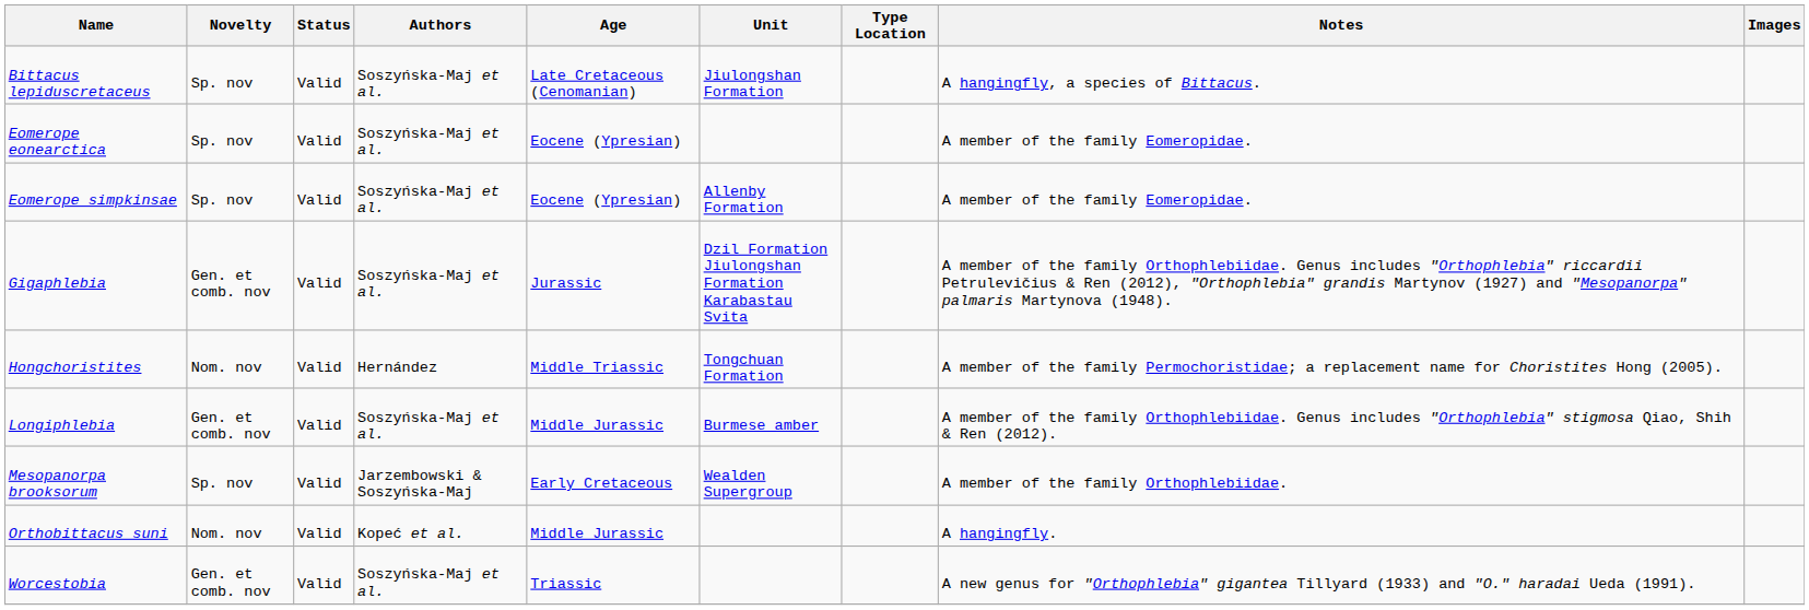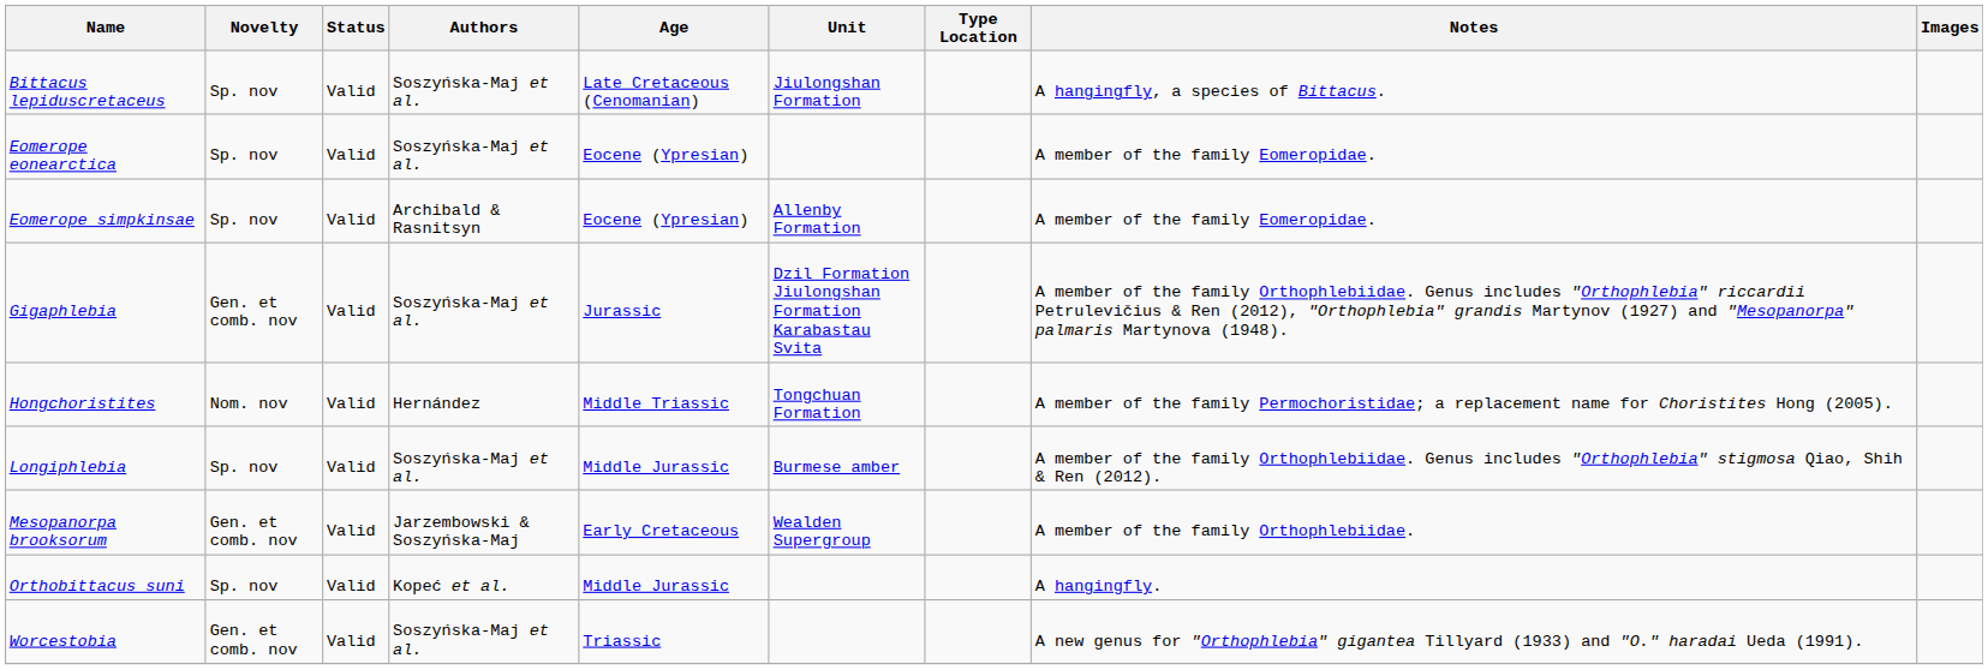 <table class="wikitable sortable" align="center" width="100%">
 <tr>
 <th>Name</th>
 <th>Novelty</th>
 <th>Status</th>
 <th>Authors</th>
 <th>Age</th>
 <th>Unit</th>
 <th>Type Location</th>
 <th>Notes</th>
 <th>Images</th>
 </tr>
 <tr>
 <td><br><em><a href='#'>Bittacus lepiduscretaceus</a></em></td>
 <td><br>Sp. nov</td>
 <td><br>Valid</td>
 <td><br>Soszyńska-Maj <em>et al.</em></td>
 <td><br><a href='#'>Late Cretaceous</a> (<a href='#'>Cenomanian</a>)</td>
 <td><br><a href='#'>Jiulongshan Formation</a></td>
 <td><br></td>
 <td><br>A <a href='#'>hangingfly</a>, a species of <em><a href='#'>Bittacus</a></em>.</td>
 <td></td>
 </tr>
 <tr>
 <td><br><em><a href='#'>Eomerope eonearctica</a></em></td>
 <td><br>Sp. nov</td>
 <td><br>Valid</td>
 <td><br>Soszyńska-Maj <em>et al.</em></td>
 <td><br><a href='#'>Eocene</a> (<a href='#'>Ypresian</a>)</td>
 <td></td>
 <td><br></td>
 <td><br>A member of the family <a href='#'>Eomeropidae</a>.</td>
 <td></td>
 </tr>
 <tr>
 <td><br><em><a href='#'>Eomerope simpkinsae</a></em></td>
 <td><br>Sp. nov</td>
 <td><br>Valid</td>
-<td><br>Soszyńska-Maj <em>et al.</em></td>
+<td><br>Archibald & Rasnitsyn</td>
 <td><br><a href='#'>Eocene</a> (<a href='#'>Ypresian</a>)</td>
 <td><br><a href='#'>Allenby Formation</a></td>
 <td><br></td>
 <td><br>A member of the family <a href='#'>Eomeropidae</a>.</td>
 <td></td>
 </tr>
 <tr>
 <td><br><em><a href='#'>Gigaphlebia</a></em></td>
 <td><br>Gen. et comb. nov</td>
 <td><br>Valid</td>
 <td><br>Soszyńska-Maj <em>et al.</em></td>
 <td><br><a href='#'>Jurassic</a></td>
 <td><br><a href='#'>Dzil Formation</a><br> <a href='#'>Jiulongshan Formation</a><br> <a href='#'>Karabastau Svita</a></td>
 <td><br><br> <br> </td>
 <td><br>A member of the family <a href='#'>Orthophlebiidae</a>. Genus includes <em>"<a href='#'>Orthophlebia</a>" riccardii</em> Petrulevičius & Ren (2012), <em>"Orthophlebia" grandis</em> Martynov (1927) and <em>"<a href='#'>Mesopanorpa</a>" palmaris</em> Martynova (1948).</td>
 <td></td>
 </tr>
 <tr>
 <td><br><em><a href='#'>Hongchoristites</a></em></td>
 <td><br>Nom. nov</td>
 <td><br>Valid</td>
 <td><br>Hernández</td>
 <td><br><a href='#'>Middle Triassic</a></td>
 <td><br><a href='#'>Tongchuan Formation</a></td>
 <td><br></td>
 <td><br>A member of the family <a href='#'>Permochoristidae</a>; a replacement name for <em>Choristites</em> Hong (2005).</td>
 <td></td>
 </tr>
 <tr>
 <td><br><em><a href='#'>Longiphlebia</a></em></td>
-<td><br>Gen. et comb. nov</td>
+<td><br>Sp. nov</td>
 <td><br>Valid</td>
 <td><br>Soszyńska-Maj <em>et al.</em></td>
 <td><br><a href='#'>Middle Jurassic</a></td>
 <td><br><a href='#'>Burmese amber</a></td>
 <td><br></td>
 <td><br>A member of the family <a href='#'>Orthophlebiidae</a>. Genus includes <em>"<a href='#'>Orthophlebia</a>" stigmosa</em> Qiao, Shih & Ren (2012).</td>
 <td></td>
 </tr>
 <tr>
 <td><br><em><a href='#'>Mesopanorpa brooksorum</a></em></td>
-<td><br>Sp. nov</td>
+<td><br>Gen. et comb. nov</td>
 <td><br>Valid</td>
 <td><br>Jarzembowski & Soszyńska-Maj</td>
 <td><br><a href='#'>Early Cretaceous</a></td>
 <td><br><a href='#'>Wealden Supergroup</a></td>
 <td><br></td>
 <td><br>A member of the family <a href='#'>Orthophlebiidae</a>.</td>
 <td></td>
 </tr>
 <tr>
 <td><br><em><a href='#'>Orthobittacus suni</a></em></td>
-<td><br>Nom. nov</td>
+<td><br>Sp. nov</td>
 <td><br>Valid</td>
 <td><br>Kopeć <em>et al.</em></td>
 <td><br><a href='#'>Middle Jurassic</a></td>
 <td></td>
 <td><br></td>
 <td><br>A <a href='#'>hangingfly</a>.</td>
 <td></td>
 </tr>
 <tr>
 <td><br><em><a href='#'>Worcestobia</a></em></td>
 <td><br>Gen. et comb. nov</td>
 <td><br>Valid</td>
 <td><br>Soszyńska-Maj <em>et al.</em></td>
 <td><br><a href='#'>Triassic</a></td>
 <td></td>
 <td><br><br> </td>
 <td><br>A new genus for <em>"<a href='#'>Orthophlebia</a>" gigantea</em> Tillyard (1933) and <em>"O." haradai</em> Ueda (1991).</td>
 <td></td>
 </tr>
 <tr>
 </tr>
 </table>
